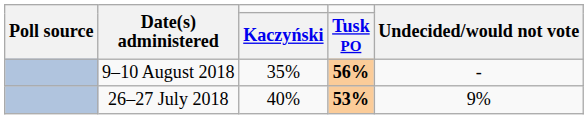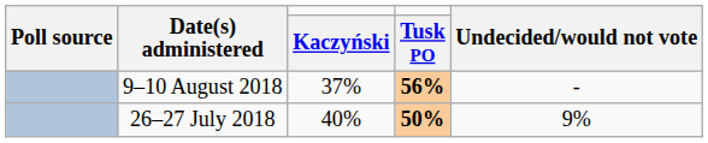 <table class="wikitable" style="text-align:center;font-size:85%;line-height:14px;">
 <tr>
 <th rowspan="2">Poll source</th>
 <th rowspan="2">Date(s)<br>administered</th>
 <td></td>
 <td></td>
 <th rowspan="2">Undecided/would not vote</th>
 </tr>
 <tr>
 <th><a href='#'>Kaczyński</a><br></th>
 <th><a href='#'>Tusk</a><br><small><a href='#'>PO</a></small></th>
 </tr>
 <tr>
 <td style="background:lightsteelblue;"></td>
 <td>9–10 August 2018</td>
-<td>35%</td>
+<td>37%</td>
 <td style="background:#fbcc99;"><strong>56%</strong></td>
 <td>-</td>
 </tr>
 <tr>
 <td style="background:lightsteelblue;"></td>
 <td>26–27 July 2018</td>
 <td>40%</td>
-<td style="background:#fbcc99;"><strong>53%</strong></td>
+<td style="background:#fbcc99;"><strong>50%</strong></td>
 <td>9%</td>
 </tr>
 </table>
